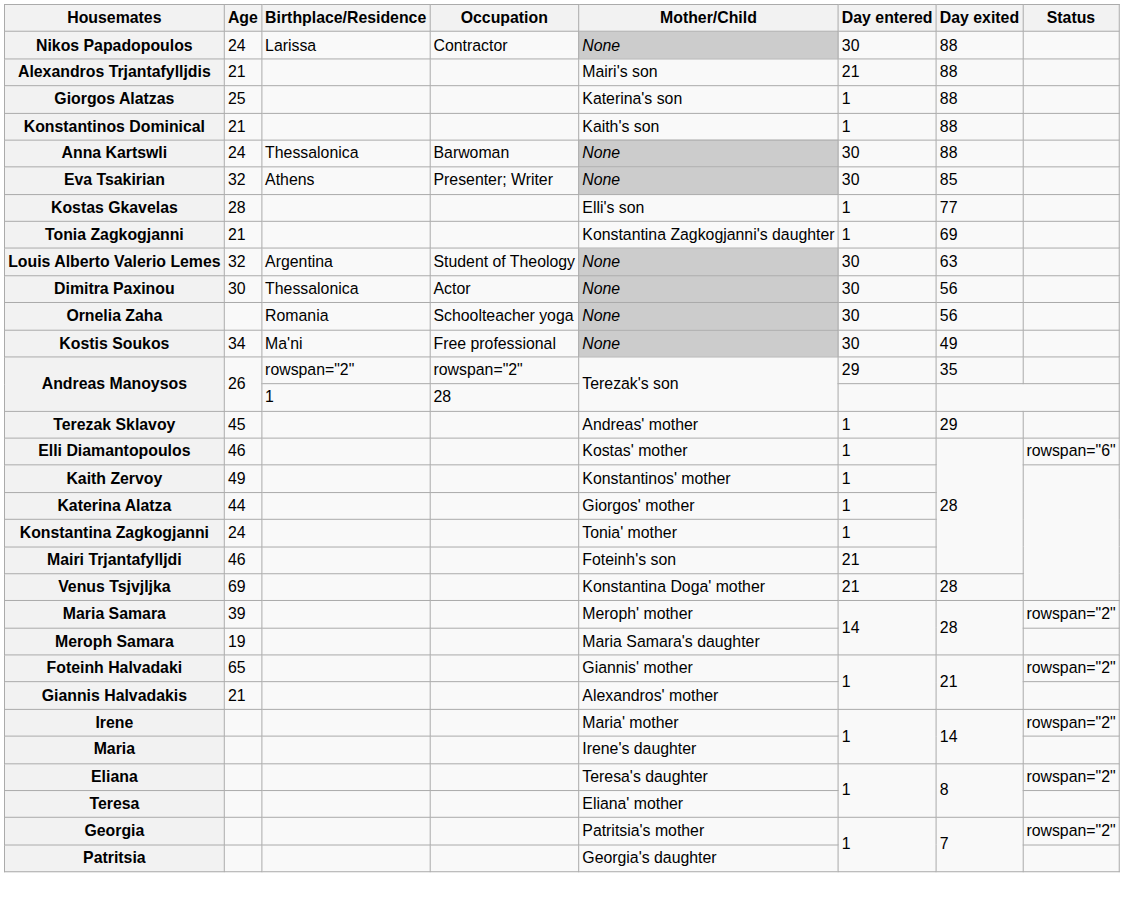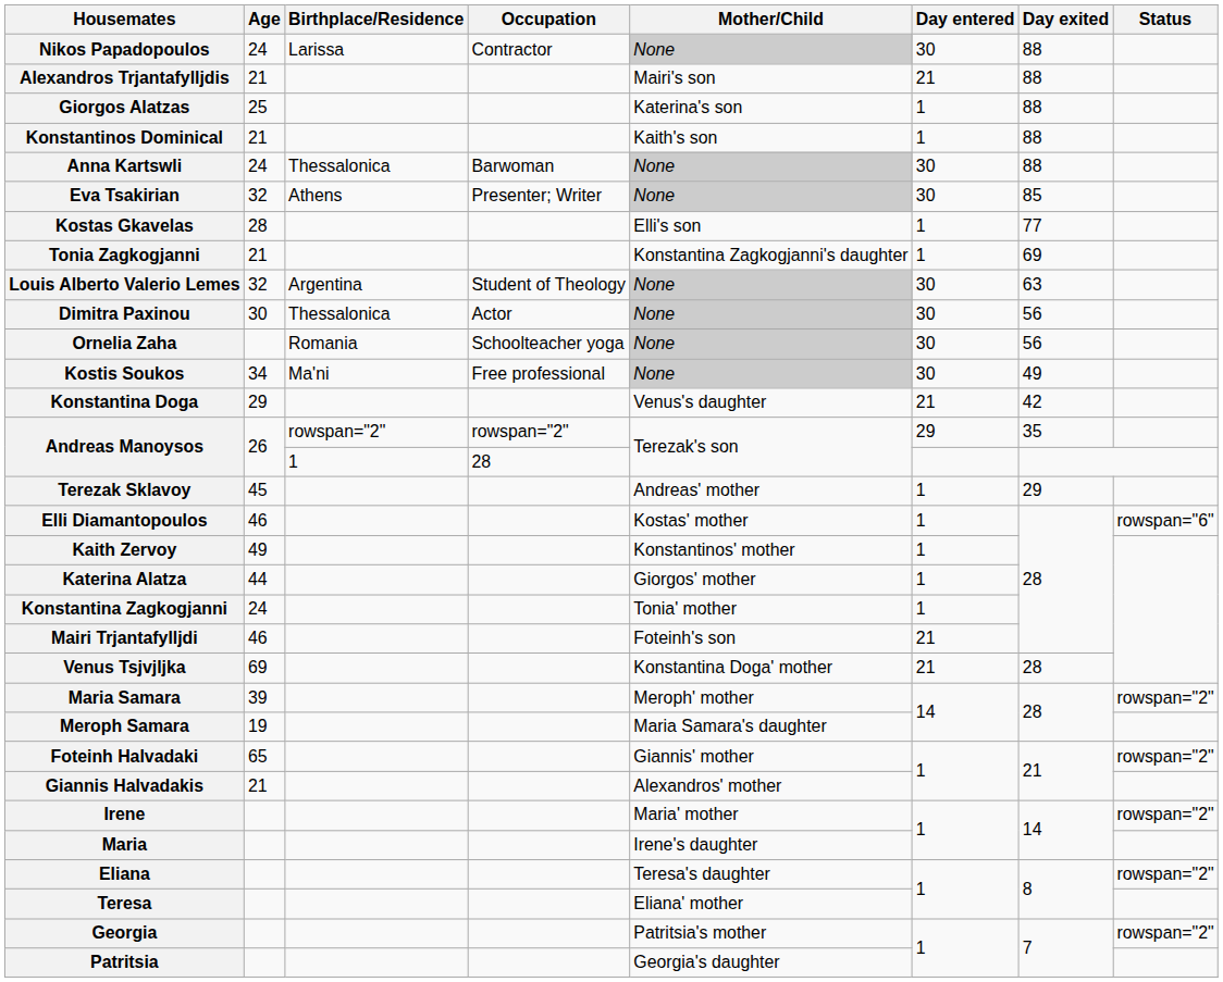 <table class="wikitable sortable" style="text-align:left; line-height:20px; width:auto;">
 <tr>
 <th>Housemates</th>
 <th>Age</th>
 <th>Birthplace/Residence</th>
 <th>Occupation</th>
 <th>Mother/Child</th>
 <th>Day entered</th>
 <th>Day exited</th>
 <th>Status</th>
 </tr>
 <tr>
 <th>Nikos Papadopoulos</th>
 <td>24</td>
 <td>Larissa</td>
 <td>Contractor</td>
 <td style="background:#ccc"><em>None</em></td>
 <td>30</td>
 <td>88</td>
 <td></td>
 </tr>
 <tr>
 <th>Alexandros Trjantafylljdis</th>
 <td>21</td>
 <td></td>
 <td></td>
 <td>Mairi's son</td>
 <td>21</td>
 <td>88</td>
 <td></td>
 </tr>
 <tr>
 <th>Giorgos Alatzas</th>
 <td>25</td>
 <td></td>
 <td></td>
 <td>Katerina's son</td>
 <td>1</td>
 <td>88</td>
 <td></td>
 </tr>
 <tr>
 <th>Konstantinos Dominical</th>
 <td>21</td>
 <td></td>
 <td></td>
 <td>Kaith's son</td>
 <td>1</td>
 <td>88</td>
 <td></td>
 </tr>
 <tr>
 <th>Anna Kartswli</th>
 <td>24</td>
 <td>Thessalonica</td>
 <td>Barwoman</td>
 <td style="background:#ccc"><em>None</em></td>
 <td>30</td>
 <td>88</td>
 <td></td>
 </tr>
 <tr>
 <th>Eva Tsakirian</th>
 <td>32</td>
 <td>Athens</td>
 <td>Presenter; Writer</td>
 <td style="background:#ccc"><em>None</em></td>
 <td>30</td>
 <td>85</td>
 <td></td>
 </tr>
 <tr>
 <th>Kostas Gkavelas</th>
 <td>28</td>
 <td></td>
 <td></td>
 <td>Elli's son</td>
 <td>1</td>
 <td>77</td>
 <td></td>
 </tr>
 <tr>
 <th>Tonia Zagkogjanni</th>
 <td>21</td>
 <td></td>
 <td></td>
 <td>Konstantina Zagkogjanni's daughter</td>
 <td>1</td>
 <td>69</td>
 <td></td>
 </tr>
 <tr>
 <th>Louis Alberto Valerio Lemes</th>
 <td>32</td>
 <td>Argentina</td>
 <td>Student of Theology</td>
 <td style="background:#ccc"><em>None</em></td>
 <td>30</td>
 <td>63</td>
 <td></td>
 </tr>
 <tr>
 <th>Dimitra Paxinou</th>
 <td>30</td>
 <td>Thessalonica</td>
 <td>Actor</td>
 <td style="background:#ccc"><em>None</em></td>
 <td>30</td>
 <td>56</td>
 <td></td>
 </tr>
 <tr>
 <th>Ornelia Zaha</th>
 <td></td>
 <td>Romania</td>
 <td>Schoolteacher yoga</td>
 <td style="background:#ccc"><em>None</em></td>
 <td>30</td>
 <td>56</td>
 <td></td>
 </tr>
 <tr>
 <th>Kostis Soukos</th>
 <td>34</td>
 <td>Ma'ni</td>
 <td>Free professional</td>
 <td style="background:#ccc"><em>None</em></td>
 <td>30</td>
 <td>49</td>
+<td></td>
+</tr>
+<tr>
+<th>Konstantina Doga</th>
+<td>29</td>
+<td></td>
+<td></td>
+<td>Venus's daughter</td>
+<td>21</td>
+<td>42</td>
 <td></td>
 </tr>
 <tr>
 <th rowspan="2">Andreas Manoysos</th>
 <td rowspan="2">26</td>
 <td>rowspan="2" </td>
 <td>rowspan="2" </td>
 <td rowspan="2">Terezak's son</td>
 <td>29</td>
 <td>35</td>
 <td></td>
 </tr>
 <tr>
 <td>1</td>
 <td>28</td>
 <td></td>
 </tr>
 <tr>
 <th>Terezak Sklavoy</th>
 <td>45</td>
 <td></td>
 <td></td>
 <td>Andreas' mother</td>
 <td>1</td>
 <td>29</td>
 <td></td>
 </tr>
 <tr>
 <th>Elli Diamantopoulos</th>
 <td>46</td>
 <td></td>
 <td></td>
 <td>Kostas' mother</td>
 <td>1</td>
 <td rowspan="5">28</td>
 <td>rowspan="6" </td>
 </tr>
 <tr>
 <th>Kaith Zervoy</th>
 <td>49</td>
 <td></td>
 <td></td>
 <td>Konstantinos' mother</td>
 <td>1</td>
 </tr>
 <tr>
 <th>Katerina Alatza</th>
 <td>44</td>
 <td></td>
 <td></td>
 <td>Giorgos' mother</td>
 <td>1</td>
 </tr>
 <tr>
 <th>Konstantina Zagkogjanni</th>
 <td>24</td>
 <td></td>
 <td></td>
 <td>Tonia' mother</td>
 <td>1</td>
 </tr>
 <tr>
 <th>Mairi Trjantafylljdi</th>
 <td>46</td>
 <td></td>
 <td></td>
 <td>Foteinh's son</td>
 <td>21</td>
 </tr>
 <tr>
 <th>Venus Tsjvjljka</th>
 <td>69</td>
 <td></td>
 <td></td>
 <td>Konstantina Doga' mother</td>
 <td>21</td>
 <td>28</td>
 </tr>
 <tr>
 <th>Maria Samara</th>
 <td>39</td>
 <td></td>
 <td></td>
 <td>Meroph' mother</td>
 <td rowspan="2">14</td>
 <td rowspan="2">28</td>
 <td>rowspan="2" </td>
 </tr>
 <tr>
 <th>Meroph Samara</th>
 <td>19</td>
 <td></td>
 <td></td>
 <td>Maria Samara's daughter</td>
 </tr>
 <tr>
 <th>Foteinh Halvadaki</th>
 <td>65</td>
 <td></td>
 <td></td>
 <td>Giannis' mother</td>
 <td rowspan="2">1</td>
 <td rowspan="2">21</td>
 <td>rowspan="2" </td>
 </tr>
 <tr>
 <th>Giannis Halvadakis</th>
 <td>21</td>
 <td></td>
 <td></td>
 <td>Alexandros' mother</td>
 </tr>
 <tr>
 <th>Irene</th>
 <td></td>
 <td></td>
 <td></td>
 <td>Maria' mother</td>
 <td rowspan="2">1</td>
 <td rowspan="2">14</td>
 <td>rowspan="2" </td>
 </tr>
 <tr>
 <th>Maria</th>
 <td></td>
 <td></td>
 <td></td>
 <td>Irene's daughter</td>
 </tr>
 <tr>
 <th>Eliana</th>
 <td></td>
 <td></td>
 <td></td>
 <td>Teresa's daughter</td>
 <td rowspan="2">1</td>
 <td rowspan="2">8</td>
 <td>rowspan="2" </td>
 </tr>
 <tr>
 <th>Teresa</th>
 <td></td>
 <td></td>
 <td></td>
 <td>Eliana' mother</td>
 </tr>
 <tr>
 <th>Georgia</th>
 <td></td>
 <td></td>
 <td></td>
 <td>Patritsia's mother</td>
 <td rowspan="2">1</td>
 <td rowspan="2">7</td>
 <td>rowspan="2" </td>
 </tr>
 <tr>
 <th>Patritsia</th>
 <td></td>
 <td></td>
 <td></td>
 <td>Georgia's daughter</td>
 </tr>
 </table>
